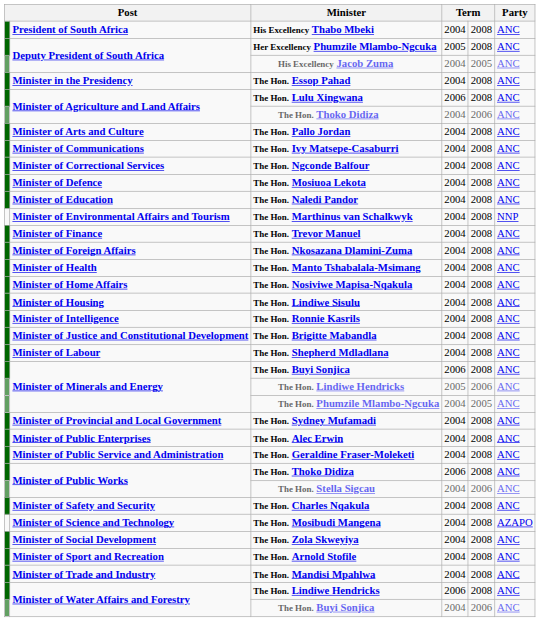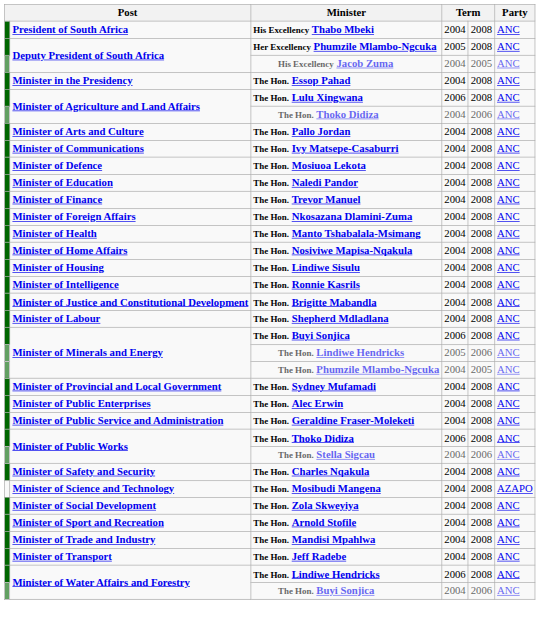 <table class="wikitable">
 <tr>
 <th colspan="2">Post</th>
 <th>Minister</th>
 <th colspan="2">Term</th>
 <th>Party</th>
 </tr>
 <tr>
 <td style="width:1px;; background:#006600;"></td>
 <td><strong><a href='#'>President of South Africa</a></strong></td>
 <td><strong><small>His Excellency</small></strong> <strong><a href='#'>Thabo Mbeki</a></strong></td>
 <td>2004</td>
 <td>2008</td>
 <td><a href='#'>ANC</a></td>
 </tr>
 <tr>
 <td style="width:1px;; background:#006600;"></td>
 <td rowspan="2"><strong><a href='#'>Deputy President of South Africa</a></strong></td>
 <td><strong><small>Her Excellency</small> <a href='#'>Phumzile Mlambo-Ngcuka</a></strong></td>
 <td>2005</td>
 <td>2008</td>
 <td><a href='#'>ANC</a></td>
 </tr>
 <tr style="opacity:.6;">
 <td style="width:1px;; background:#006600;"></td>
 <td style="padding-left:40px"><strong><small>His Excellency</small></strong> <strong><a href='#'>Jacob Zuma</a></strong></td>
 <td>2004</td>
 <td>2005</td>
 <td><a href='#'>ANC</a></td>
 </tr>
 <tr>
 <td style="width:1px;; background:#006600;"></td>
 <td><strong><a href='#'>Minister in the Presidency</a></strong></td>
 <td><strong><small>The Hon.</small></strong> <strong><a href='#'>Essop Pahad</a></strong></td>
 <td>2004</td>
 <td>2008</td>
 <td><a href='#'>ANC</a></td>
 </tr>
 <tr>
 <td style="width:1px;; background:#006600;"></td>
 <td rowspan="2"><a href='#'><strong>Minister of Agriculture and Land Affairs</strong></a></td>
 <td><strong><small>The Hon.</small> <a href='#'>Lulu Xingwana</a></strong></td>
 <td>2006</td>
 <td>2008</td>
 <td><a href='#'>ANC</a></td>
 </tr>
 <tr style="opacity:.6;">
 <td style="width:1px;; background:#006600;"></td>
 <td style="padding-left:40px"><strong><small>The Hon.</small></strong> <strong><a href='#'>Thoko Didiza</a></strong></td>
 <td>2004</td>
 <td>2006</td>
 <td><a href='#'>ANC</a></td>
 </tr>
 <tr>
 <td style="width:1px;; background:#006600;"></td>
 <td><strong><a href='#'>Minister of Arts and Culture</a></strong></td>
 <td><strong><small>The Hon.</small></strong> <strong><a href='#'>Pallo Jordan</a></strong></td>
 <td>2004</td>
 <td>2008</td>
 <td><a href='#'>ANC</a></td>
 </tr>
 <tr>
 <td style="width:1px;; background:#006600;"></td>
 <td><strong><a href='#'>Minister of Communications</a></strong></td>
 <td><strong><small>The Hon.</small></strong> <strong><a href='#'>Ivy Matsepe-Casaburri</a></strong></td>
 <td>2004</td>
 <td>2008</td>
 <td><a href='#'>ANC</a></td>
 </tr>
 <tr>
 <td style="width:1px;; background:#006600;"></td>
-<td><a href='#'><strong>Minister of Correctional Services</strong></a></td>
-<td><strong><small>The Hon.</small></strong> <strong><a href='#'>Ngconde Balfour</a></strong></td>
-<td>2004</td>
-<td>2008</td>
-<td><a href='#'>ANC</a></td>
-</tr>
-<tr>
-<td style="width:1px;; background:#006600;"></td>
 <td><a href='#'><strong>Minister of Defence</strong></a></td>
 <td><strong><small>The Hon.</small></strong> <strong><a href='#'>Mosiuoa Lekota</a></strong></td>
 <td>2004</td>
 <td>2008</td>
 <td><a href='#'>ANC</a></td>
 </tr>
 <tr>
 <td style="width:1px;; background:#006600;"></td>
 <td><a href='#'><strong>Minister of Education</strong></a></td>
 <td><strong><small>The Hon.</small></strong> <strong><a href='#'>Naledi Pandor</a></strong></td>
 <td>2004</td>
 <td>2008</td>
 <td><a href='#'>ANC</a></td>
-</tr>
-<tr>
-<td style="background-color: "></td>
-<td><strong><a href='#'>Minister of Environmental Affairs and Tourism</a></strong></td>
-<td><strong><small>The Hon.</small></strong> <strong><a href='#'>Marthinus van Schalkwyk</a></strong></td>
-<td>2004</td>
-<td>2008</td>
-<td><a href='#'>NNP</a></td>
 </tr>
 <tr>
 <td style="width:1px;; background:#006600;"></td>
 <td><a href='#'><strong>Minister of Finance</strong></a></td>
 <td><strong><small>The Hon.</small></strong> <strong><a href='#'>Trevor Manuel</a></strong></td>
 <td>2004</td>
 <td>2008</td>
 <td><a href='#'>ANC</a></td>
 </tr>
 <tr>
 <td style="width:1px;; background:#006600;"></td>
 <td><a href='#'><strong>Minister of Foreign Affairs</strong></a></td>
 <td><strong><small>The Hon.</small></strong> <strong><a href='#'>Nkosazana Dlamini-Zuma</a></strong></td>
 <td>2004</td>
 <td>2008</td>
 <td><a href='#'>ANC</a></td>
 </tr>
 <tr>
 <td style="width:1px;; background:#006600;"></td>
 <td><a href='#'><strong>Minister of Health</strong></a></td>
 <td><strong><small>The Hon.</small></strong> <strong><a href='#'>Manto Tshabalala-Msimang</a></strong></td>
 <td>2004</td>
 <td>2008</td>
 <td><a href='#'>ANC</a></td>
 </tr>
 <tr>
 <td style="width:1px;; background:#006600;"></td>
 <td><a href='#'><strong>Minister of Home Affairs</strong></a></td>
 <td><strong><small>The Hon.</small></strong> <strong><a href='#'>Nosiviwe Mapisa-Nqakula</a></strong></td>
 <td>2004</td>
 <td>2008</td>
 <td><a href='#'>ANC</a></td>
 </tr>
 <tr>
 <td style="width:1px;; background:#006600;"></td>
 <td><a href='#'><strong>Minister of Housing</strong></a></td>
 <td><strong><small>The Hon.</small></strong> <strong><a href='#'>Lindiwe Sisulu</a></strong></td>
 <td>2004</td>
 <td>2008</td>
 <td><a href='#'>ANC</a></td>
 </tr>
 <tr>
 <td style="width:1px;; background:#006600;"></td>
 <td><a href='#'><strong>Minister of Intelligence</strong></a></td>
 <td><strong><small>The Hon.</small></strong> <strong><a href='#'>Ronnie Kasrils</a></strong></td>
 <td>2004</td>
 <td>2008</td>
 <td><a href='#'>ANC</a></td>
 </tr>
 <tr>
 <td style="width:1px;; background:#006600;"></td>
 <td><strong><a href='#'>Minister of Justice and Constitutional Development</a></strong></td>
 <td><strong><small>The Hon.</small></strong> <strong><a href='#'>Brigitte Mabandla</a></strong></td>
 <td>2004</td>
 <td>2008</td>
 <td><a href='#'>ANC</a></td>
 </tr>
 <tr>
 <td style="width:1px;; background:#006600;"></td>
 <td><a href='#'><strong>Minister of Labour</strong></a></td>
 <td><strong><small>The Hon.</small></strong> <strong><a href='#'>Shepherd Mdladlana</a></strong></td>
 <td>2004</td>
 <td>2008</td>
 <td><a href='#'>ANC</a></td>
 </tr>
 <tr>
 <td style="width:1px;; background:#006600;"></td>
 <td rowspan="3"><strong><a href='#'>Minister of Minerals and Energy</a></strong></td>
 <td><strong><small>The Hon.</small></strong> <strong><a href='#'>Buyi Sonjica</a></strong></td>
 <td>2006</td>
 <td>2008</td>
 <td><a href='#'>ANC</a></td>
 </tr>
 <tr style="opacity:.6;">
 <td style="width:1px;; background:#006600;"></td>
 <td style="padding-left:40px"><strong><small>The Hon.</small></strong> <strong><a href='#'>Lindiwe Hendricks</a></strong></td>
 <td>2005</td>
 <td>2006</td>
 <td><a href='#'>ANC</a></td>
 </tr>
 <tr style="opacity:.6;">
 <td style="width:1px;; background:#006600;"></td>
 <td style="padding-left:40px"><strong><small>The Hon.</small></strong> <strong><a href='#'>Phumzile Mlambo-Ngcuka</a></strong></td>
 <td>2004</td>
 <td>2005</td>
 <td><a href='#'>ANC</a></td>
 </tr>
 <tr>
 <td style="width:1px;; background:#006600;"></td>
 <td><strong><a href='#'>Minister of Provincial and Local Government</a></strong></td>
 <td><strong><small>The Hon.</small></strong> <strong><a href='#'>Sydney Mufamadi</a></strong></td>
 <td>2004</td>
 <td>2008</td>
 <td><a href='#'>ANC</a></td>
 </tr>
 <tr>
 <td style="width:1px;; background:#006600;"></td>
 <td><strong><a href='#'>Minister of Public Enterprises</a></strong></td>
 <td><strong><small>The Hon.</small></strong> <strong><a href='#'>Alec Erwin</a></strong></td>
 <td>2004</td>
 <td>2008</td>
 <td><a href='#'>ANC</a></td>
 </tr>
 <tr>
 <td style="width:1px;; background:#006600;"></td>
 <td><strong><a href='#'>Minister of Public Service and Administration</a></strong></td>
 <td><strong><small>The Hon.</small></strong> <strong><a href='#'>Geraldine Fraser-Moleketi</a></strong></td>
 <td>2004</td>
 <td>2008</td>
 <td><a href='#'>ANC</a></td>
 </tr>
 <tr>
 <td style="width:1px;; background:#006600;"></td>
 <td rowspan="2"><a href='#'><strong>Minister of Public Works</strong></a></td>
 <td><strong><small>The Hon.</small></strong> <strong><a href='#'>Thoko Didiza</a></strong></td>
 <td>2006</td>
 <td>2008</td>
 <td><a href='#'>ANC</a></td>
 </tr>
 <tr style="opacity:.6;">
 <td style="width:1px;; background:#006600;"></td>
 <td style="padding-left:40px"><strong><small>The Hon.</small></strong> <strong><a href='#'>Stella Sigcau</a></strong></td>
 <td>2004</td>
 <td>2006</td>
 <td><a href='#'>ANC</a></td>
 </tr>
 <tr>
 <td style="width:1px;; background:#006600;"></td>
 <td><a href='#'><strong>Minister of Safety and Security</strong></a></td>
 <td><strong><small>The Hon.</small></strong> <strong><a href='#'>Charles Nqakula</a></strong></td>
 <td>2004</td>
 <td>2008</td>
 <td><a href='#'>ANC</a></td>
 </tr>
 <tr>
 <td style="background-color: "></td>
 <td><a href='#'><strong>Minister of Science and Technology</strong></a></td>
 <td><strong><small>The Hon.</small></strong> <strong><a href='#'>Mosibudi Mangena</a></strong></td>
 <td>2004</td>
 <td>2008</td>
 <td><a href='#'>AZAPO</a></td>
 </tr>
 <tr>
 <td style="width:1px;; background:#006600;"></td>
 <td><a href='#'><strong>Minister of Social Development</strong></a></td>
 <td><strong><small>The Hon.</small></strong> <strong><a href='#'>Zola Skweyiya</a></strong></td>
 <td>2004</td>
 <td>2008</td>
 <td><a href='#'>ANC</a></td>
 </tr>
 <tr>
 <td style="width:1px;; background:#006600;"></td>
 <td><strong><a href='#'>Minister of Sport and Recreation</a></strong></td>
 <td><strong><small>The Hon.</small></strong> <strong><a href='#'>Arnold Stofile</a></strong></td>
 <td>2004</td>
 <td>2008</td>
 <td><a href='#'>ANC</a></td>
 </tr>
 <tr>
 <td style="width:1px;; background:#006600;"></td>
 <td><a href='#'><strong>Minister of Trade and Industry</strong></a></td>
 <td><strong><small>The Hon.</small></strong> <strong><a href='#'>Mandisi Mpahlwa</a></strong></td>
 <td>2004</td>
 <td>2008</td>
 <td><a href='#'>ANC</a></td>
 </tr>
 <tr>
 <td style="width:1px;; background:#006600;"></td>
+<td><a href='#'><strong>Minister of Transport</strong></a></td>
+<td><strong><small>The Hon.</small></strong> <strong><a href='#'>Jeff Radebe</a></strong></td>
+<td>2004</td>
+<td>2008</td>
+<td><a href='#'>ANC</a></td>
+</tr>
+<tr>
+<td style="width:1px;; background:#006600;"></td>
 <td rowspan="2"><strong><a href='#'>Minister of Water Affairs and Forestry</a></strong></td>
 <td><strong><small>The Hon.</small></strong> <strong><a href='#'>Lindiwe Hendricks</a></strong></td>
 <td>2006</td>
 <td>2008</td>
 <td><a href='#'>ANC</a></td>
 </tr>
 <tr - style="opacity:.6;">
 <td style="width:1px;; background:#006600;"></td>
 <td style="padding-left:40px"><strong><small>The Hon.</small></strong> <strong><a href='#'>Buyi Sonjica</a></strong></td>
 <td>2004</td>
 <td>2006</td>
 <td><a href='#'>ANC</a></td>
 </tr>
 </table>
